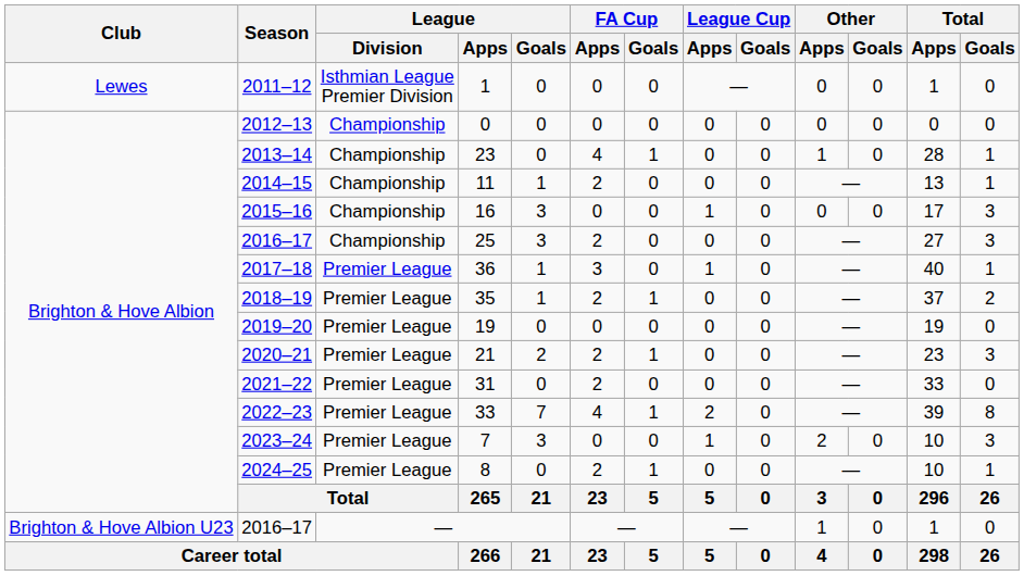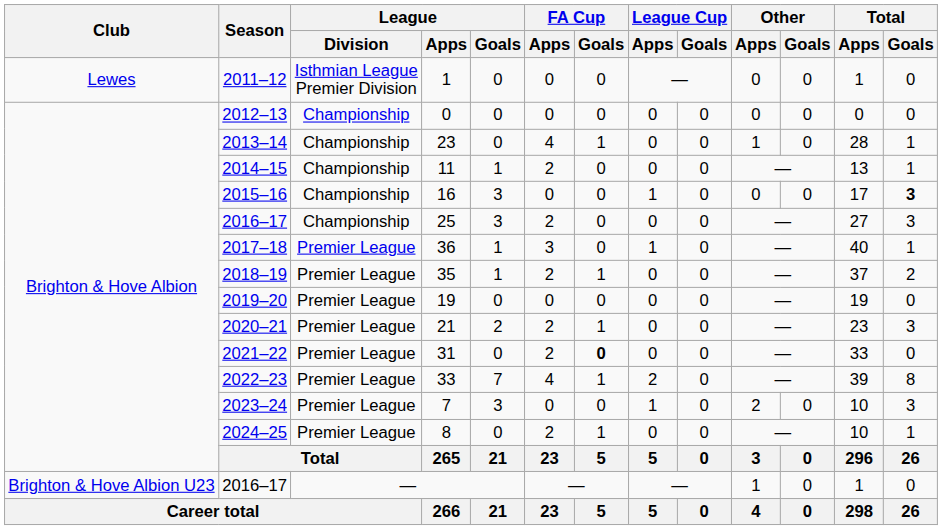 <table class=wikitable style=text-align:center>
 <tr>
 <th rowspan=2>Club</th>
 <th rowspan=2>Season</th>
 <th colspan=3>League</th>
 <th colspan=2><a href='#'>FA Cup</a></th>
 <th colspan=2><a href='#'>League Cup</a></th>
 <th colspan=2>Other</th>
 <th colspan=2>Total</th>
 </tr>
 <tr>
 <th>Division</th>
 <th>Apps</th>
 <th>Goals</th>
 <th>Apps</th>
 <th>Goals</th>
 <th>Apps</th>
 <th>Goals</th>
 <th>Apps</th>
 <th>Goals</th>
 <th>Apps</th>
 <th>Goals</th>
 </tr>
 <tr>
 <td><a href='#'>Lewes</a></td>
 <td><a href='#'>2011–12</a></td>
 <td><a href='#'>Isthmian League</a><br>Premier Division</td>
 <td>1</td>
 <td>0</td>
 <td>0</td>
 <td>0</td>
 <td colspan=2>—</td>
 <td>0</td>
 <td>0</td>
 <td>1</td>
 <td>0</td>
 </tr>
 <tr>
 <td rowspan=14><a href='#'>Brighton & Hove Albion</a></td>
 <td><a href='#'>2012–13</a></td>
 <td><a href='#'>Championship</a></td>
 <td>0</td>
 <td>0</td>
 <td>0</td>
 <td>0</td>
 <td>0</td>
 <td>0</td>
 <td>0</td>
 <td>0</td>
 <td>0</td>
 <td>0</td>
 </tr>
 <tr>
 <td><a href='#'>2013–14</a></td>
 <td>Championship</td>
 <td>23</td>
 <td>0</td>
 <td>4</td>
 <td>1</td>
 <td>0</td>
 <td>0</td>
 <td>1</td>
 <td>0</td>
 <td>28</td>
 <td>1</td>
 </tr>
 <tr>
 <td><a href='#'>2014–15</a></td>
 <td>Championship</td>
 <td>11</td>
 <td>1</td>
 <td>2</td>
 <td>0</td>
 <td>0</td>
 <td>0</td>
 <td colspan=2>—</td>
 <td>13</td>
 <td>1</td>
 </tr>
 <tr>
 <td><a href='#'>2015–16</a></td>
 <td>Championship</td>
 <td>16</td>
 <td>3</td>
 <td>0</td>
 <td>0</td>
 <td>1</td>
 <td>0</td>
 <td>0</td>
 <td>0</td>
 <td>17</td>
-<td>3</td>
+<td><strong>3</strong></td>
 </tr>
 <tr>
 <td><a href='#'>2016–17</a></td>
 <td>Championship</td>
 <td>25</td>
 <td>3</td>
 <td>2</td>
 <td>0</td>
 <td>0</td>
 <td>0</td>
 <td colspan=2>—</td>
 <td>27</td>
 <td>3</td>
 </tr>
 <tr>
 <td><a href='#'>2017–18</a></td>
 <td><a href='#'>Premier League</a></td>
 <td>36</td>
 <td>1</td>
 <td>3</td>
 <td>0</td>
 <td>1</td>
 <td>0</td>
 <td colspan=2>—</td>
 <td>40</td>
 <td>1</td>
 </tr>
 <tr>
 <td><a href='#'>2018–19</a></td>
 <td>Premier League</td>
 <td>35</td>
 <td>1</td>
 <td>2</td>
 <td>1</td>
 <td>0</td>
 <td>0</td>
 <td colspan=2>—</td>
 <td>37</td>
 <td>2</td>
 </tr>
 <tr>
 <td><a href='#'>2019–20</a></td>
 <td>Premier League</td>
 <td>19</td>
 <td>0</td>
 <td>0</td>
 <td>0</td>
 <td>0</td>
 <td>0</td>
 <td colspan=2>—</td>
 <td>19</td>
 <td>0</td>
 </tr>
 <tr>
 <td><a href='#'>2020–21</a></td>
 <td>Premier League</td>
 <td>21</td>
 <td>2</td>
 <td>2</td>
 <td>1</td>
 <td>0</td>
 <td>0</td>
 <td colspan=2>—</td>
 <td>23</td>
 <td>3</td>
 </tr>
 <tr>
 <td><a href='#'>2021–22</a></td>
 <td>Premier League</td>
 <td>31</td>
 <td>0</td>
 <td>2</td>
-<td>0</td>
+<td><strong>0</strong></td>
 <td>0</td>
 <td>0</td>
 <td colspan=2>—</td>
 <td>33</td>
 <td>0</td>
 </tr>
 <tr>
 <td><a href='#'>2022–23</a></td>
 <td>Premier League</td>
 <td>33</td>
 <td>7</td>
 <td>4</td>
 <td>1</td>
 <td>2</td>
 <td>0</td>
 <td colspan=2>—</td>
 <td>39</td>
 <td>8</td>
 </tr>
 <tr>
 <td><a href='#'>2023–24</a></td>
 <td>Premier League</td>
 <td>7</td>
 <td>3</td>
 <td>0</td>
 <td>0</td>
 <td>1</td>
 <td>0</td>
 <td>2</td>
 <td>0</td>
 <td>10</td>
 <td>3</td>
 </tr>
 <tr>
 <td><a href='#'>2024–25</a></td>
 <td>Premier League</td>
 <td>8</td>
 <td>0</td>
 <td>2</td>
 <td>1</td>
 <td>0</td>
 <td>0</td>
 <td colspan=2>—</td>
 <td>10</td>
 <td>1</td>
 </tr>
 <tr>
 <th colspan=2>Total</th>
 <th>265</th>
 <th>21</th>
 <th>23</th>
 <th>5</th>
 <th>5</th>
 <th>0</th>
 <th>3</th>
 <th>0</th>
 <th>296</th>
 <th>26</th>
 </tr>
 <tr>
 <td><a href='#'>Brighton & Hove Albion U23</a></td>
 <td>2016–17</td>
 <td colspan=3>—</td>
 <td colspan=2>—</td>
 <td colspan=2>—</td>
 <td>1</td>
 <td>0</td>
 <td>1</td>
 <td>0</td>
 </tr>
 <tr>
 <th colspan=3>Career total</th>
 <th>266</th>
 <th>21</th>
 <th>23</th>
 <th>5</th>
 <th>5</th>
 <th>0</th>
 <th>4</th>
 <th>0</th>
 <th>298</th>
 <th>26</th>
 </tr>
 </table>
